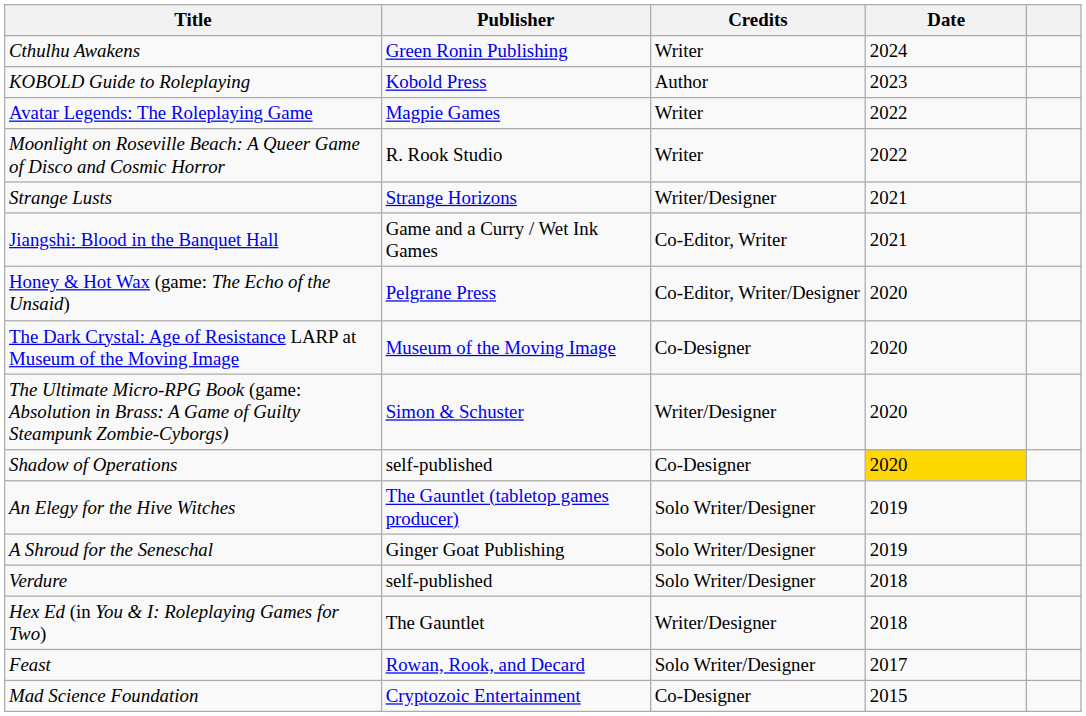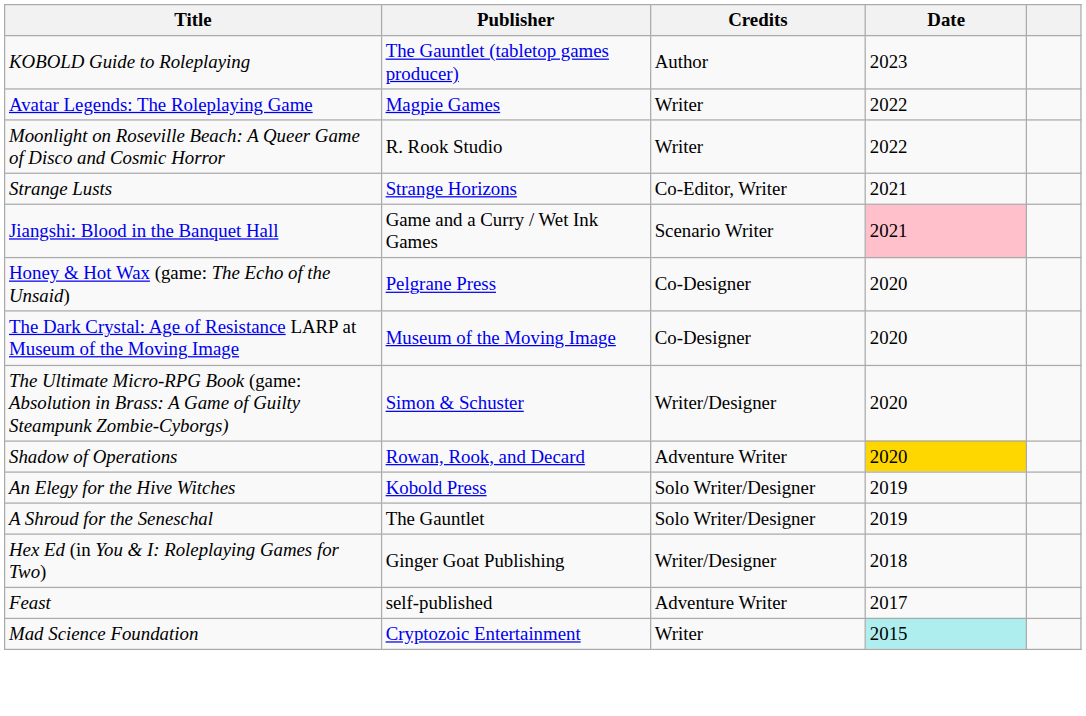 <table class="wikitable sortable" style="margins:auto; width=95%; font-size: 95%;">
 <tr>
 <th width="35%">Title</th>
 <th width="25%">Publisher</th>
 <th width="20%">Credits</th>
 <th width="15%">Date</th>
 <th width="5%"></th>
 </tr>
 <tr>
-<td><em>Cthulhu Awakens</em></td>
-<td><a href='#'>Green Ronin Publishing</a></td>
-<td>Writer</td>
-<td>2024</td>
-<td></td>
-</tr>
-<tr>
 <td><em>KOBOLD Guide to Roleplaying</em></td>
-<td><a href='#'>Kobold Press</a></td>
+<td><a href='#'>The Gauntlet (tabletop games producer)</a></td>
 <td>Author</td>
 <td>2023</td>
 <td></td>
 </tr>
 <tr>
 <td><a href='#'>Avatar Legends: The Roleplaying Game</a></td>
 <td><a href='#'>Magpie Games</a></td>
 <td>Writer</td>
 <td>2022</td>
 <td></td>
 </tr>
 <tr>
 <td><em>Moonlight on Roseville Beach: A Queer Game of Disco and Cosmic Horror</em></td>
 <td>R. Rook Studio</td>
 <td>Writer</td>
 <td>2022</td>
 <td></td>
 </tr>
 <tr>
 <td><em>Strange Lusts</em></td>
 <td><a href='#'>Strange Horizons</a></td>
-<td>Writer/Designer</td>
+<td>Co-Editor, Writer</td>
 <td>2021</td>
 <td></td>
 </tr>
 <tr>
 <td><a href='#'>Jiangshi: Blood in the Banquet Hall</a></td>
 <td>Game and a Curry / Wet Ink Games</td>
-<td>Co-Editor, Writer</td>
-<td>2021</td>
+<td>Scenario Writer</td>
+<td style="background: pink;">2021</td>
 <td></td>
 </tr>
 <tr>
 <td><a href='#'>Honey & Hot Wax</a> (game: <em>The Echo of the Unsaid</em>)</td>
 <td><a href='#'>Pelgrane Press</a></td>
-<td>Co-Editor, Writer/Designer</td>
+<td>Co-Designer</td>
 <td>2020</td>
 <td></td>
 </tr>
 <tr>
 <td><a href='#'>The Dark Crystal: Age of Resistance</a> LARP at <a href='#'>Museum of the Moving Image</a></td>
 <td><a href='#'>Museum of the Moving Image</a></td>
 <td>Co-Designer</td>
 <td>2020</td>
 <td></td>
 </tr>
 <tr>
 <td><em>The Ultimate Micro-RPG Book</em> (game: <em>Absolution in Brass: A Game of Guilty Steampunk Zombie-Cyborgs)</em></td>
 <td><a href='#'>Simon & Schuster</a></td>
 <td>Writer/Designer</td>
 <td>2020</td>
 <td></td>
 </tr>
 <tr>
 <td><em>Shadow of Operations</em></td>
-<td>self-published</td>
-<td>Co-Designer</td>
+<td><a href='#'>Rowan, Rook, and Decard</a></td>
+<td>Adventure Writer</td>
 <td style="background: gold;">2020</td>
 <td></td>
 </tr>
 <tr>
 <td><em>An Elegy for the Hive Witches</em></td>
-<td><a href='#'>The Gauntlet (tabletop games producer)</a></td>
+<td><a href='#'>Kobold Press</a></td>
 <td>Solo Writer/Designer</td>
 <td>2019</td>
 <td></td>
 </tr>
 <tr>
 <td><em>A Shroud for the Seneschal</em></td>
-<td>Ginger Goat Publishing</td>
+<td>The Gauntlet</td>
 <td>Solo Writer/Designer</td>
 <td>2019</td>
 <td></td>
 </tr>
 <tr>
-<td><em>Verdure</em></td>
-<td>self-published</td>
-<td>Solo Writer/Designer</td>
-<td>2018</td>
-<td></td>
-</tr>
-<tr>
 <td><em>Hex Ed</em> (in <em>You & I: Roleplaying Games for Two</em>)</td>
-<td>The Gauntlet</td>
+<td>Ginger Goat Publishing</td>
 <td>Writer/Designer</td>
 <td>2018</td>
 <td></td>
 </tr>
 <tr>
 <td><em>Feast</em></td>
-<td><a href='#'>Rowan, Rook, and Decard</a></td>
-<td>Solo Writer/Designer</td>
+<td>self-published</td>
+<td>Adventure Writer</td>
 <td>2017</td>
 <td></td>
 </tr>
 <tr>
 <td><em>Mad Science Foundation</em></td>
 <td><a href='#'>Cryptozoic Entertainment</a></td>
-<td>Co-Designer</td>
-<td>2015</td>
+<td>Writer</td>
+<td style="background: paleturquoise;">2015</td>
 <td></td>
 </tr>
 </table>
